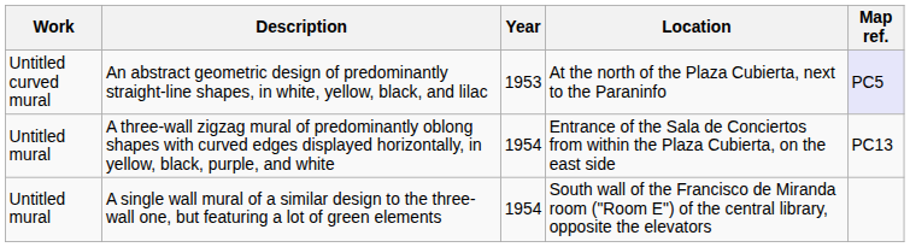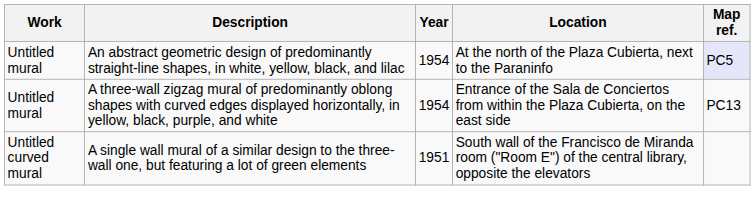 <table class="wikitable mw-collapsible">
 <tr>
 <th>Work</th>
 <th>Description</th>
 <th>Year</th>
 <th>Location</th>
 <th>Map ref.</th>
 </tr>
 <tr>
-<td>Untitled curved mural</td>
+<td>Untitled mural</td>
 <td>An abstract geometric design of predominantly straight-line shapes, in white, yellow, black, and lilac</td>
-<td>1953</td>
+<td>1954</td>
 <td>At the north of the Plaza Cubierta, next to the Paraninfo</td>
 <td style="background: lavender;">PC5</td>
 </tr>
 <tr>
 <td>Untitled mural</td>
 <td>A three-wall zigzag mural of predominantly oblong shapes with curved edges displayed horizontally, in yellow, black, purple, and white</td>
 <td>1954</td>
 <td>Entrance of the Sala de Conciertos from within the Plaza Cubierta, on the east side</td>
 <td>PC13</td>
 </tr>
 <tr>
-<td>Untitled mural</td>
+<td>Untitled curved mural</td>
 <td>A single wall mural of a similar design to the three-wall one, but featuring a lot of green elements</td>
-<td>1954</td>
+<td>1951</td>
 <td>South wall of the Francisco de Miranda room ("Room E") of the central library, opposite the elevators</td>
 <td></td>
 </tr>
 </table>
